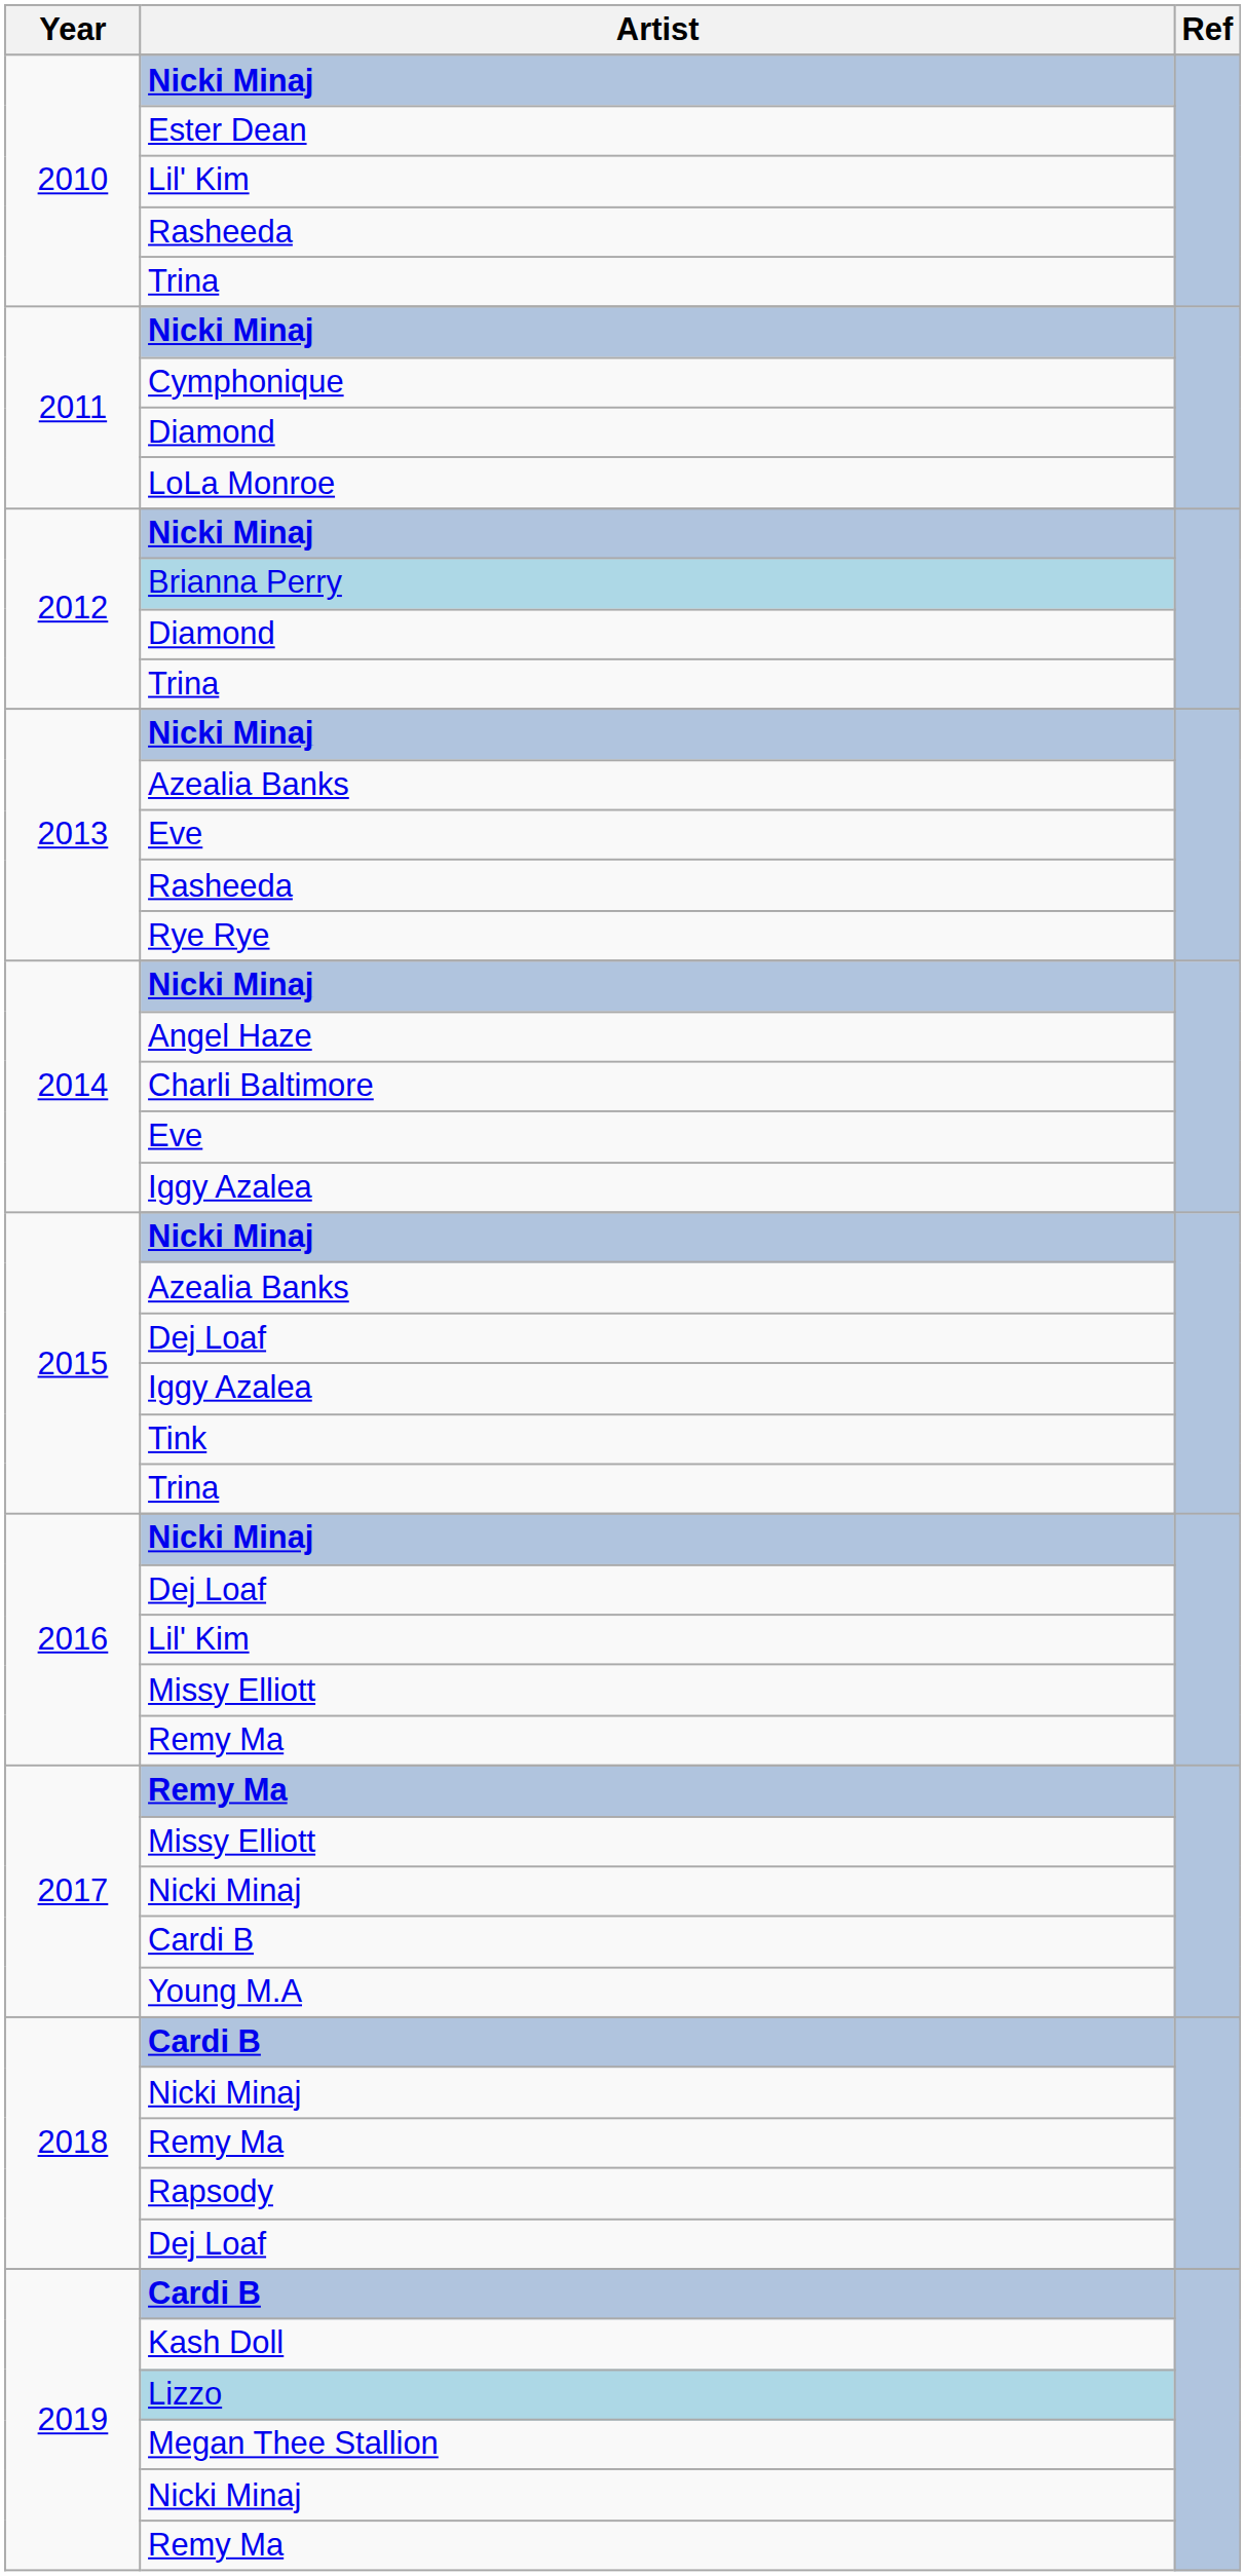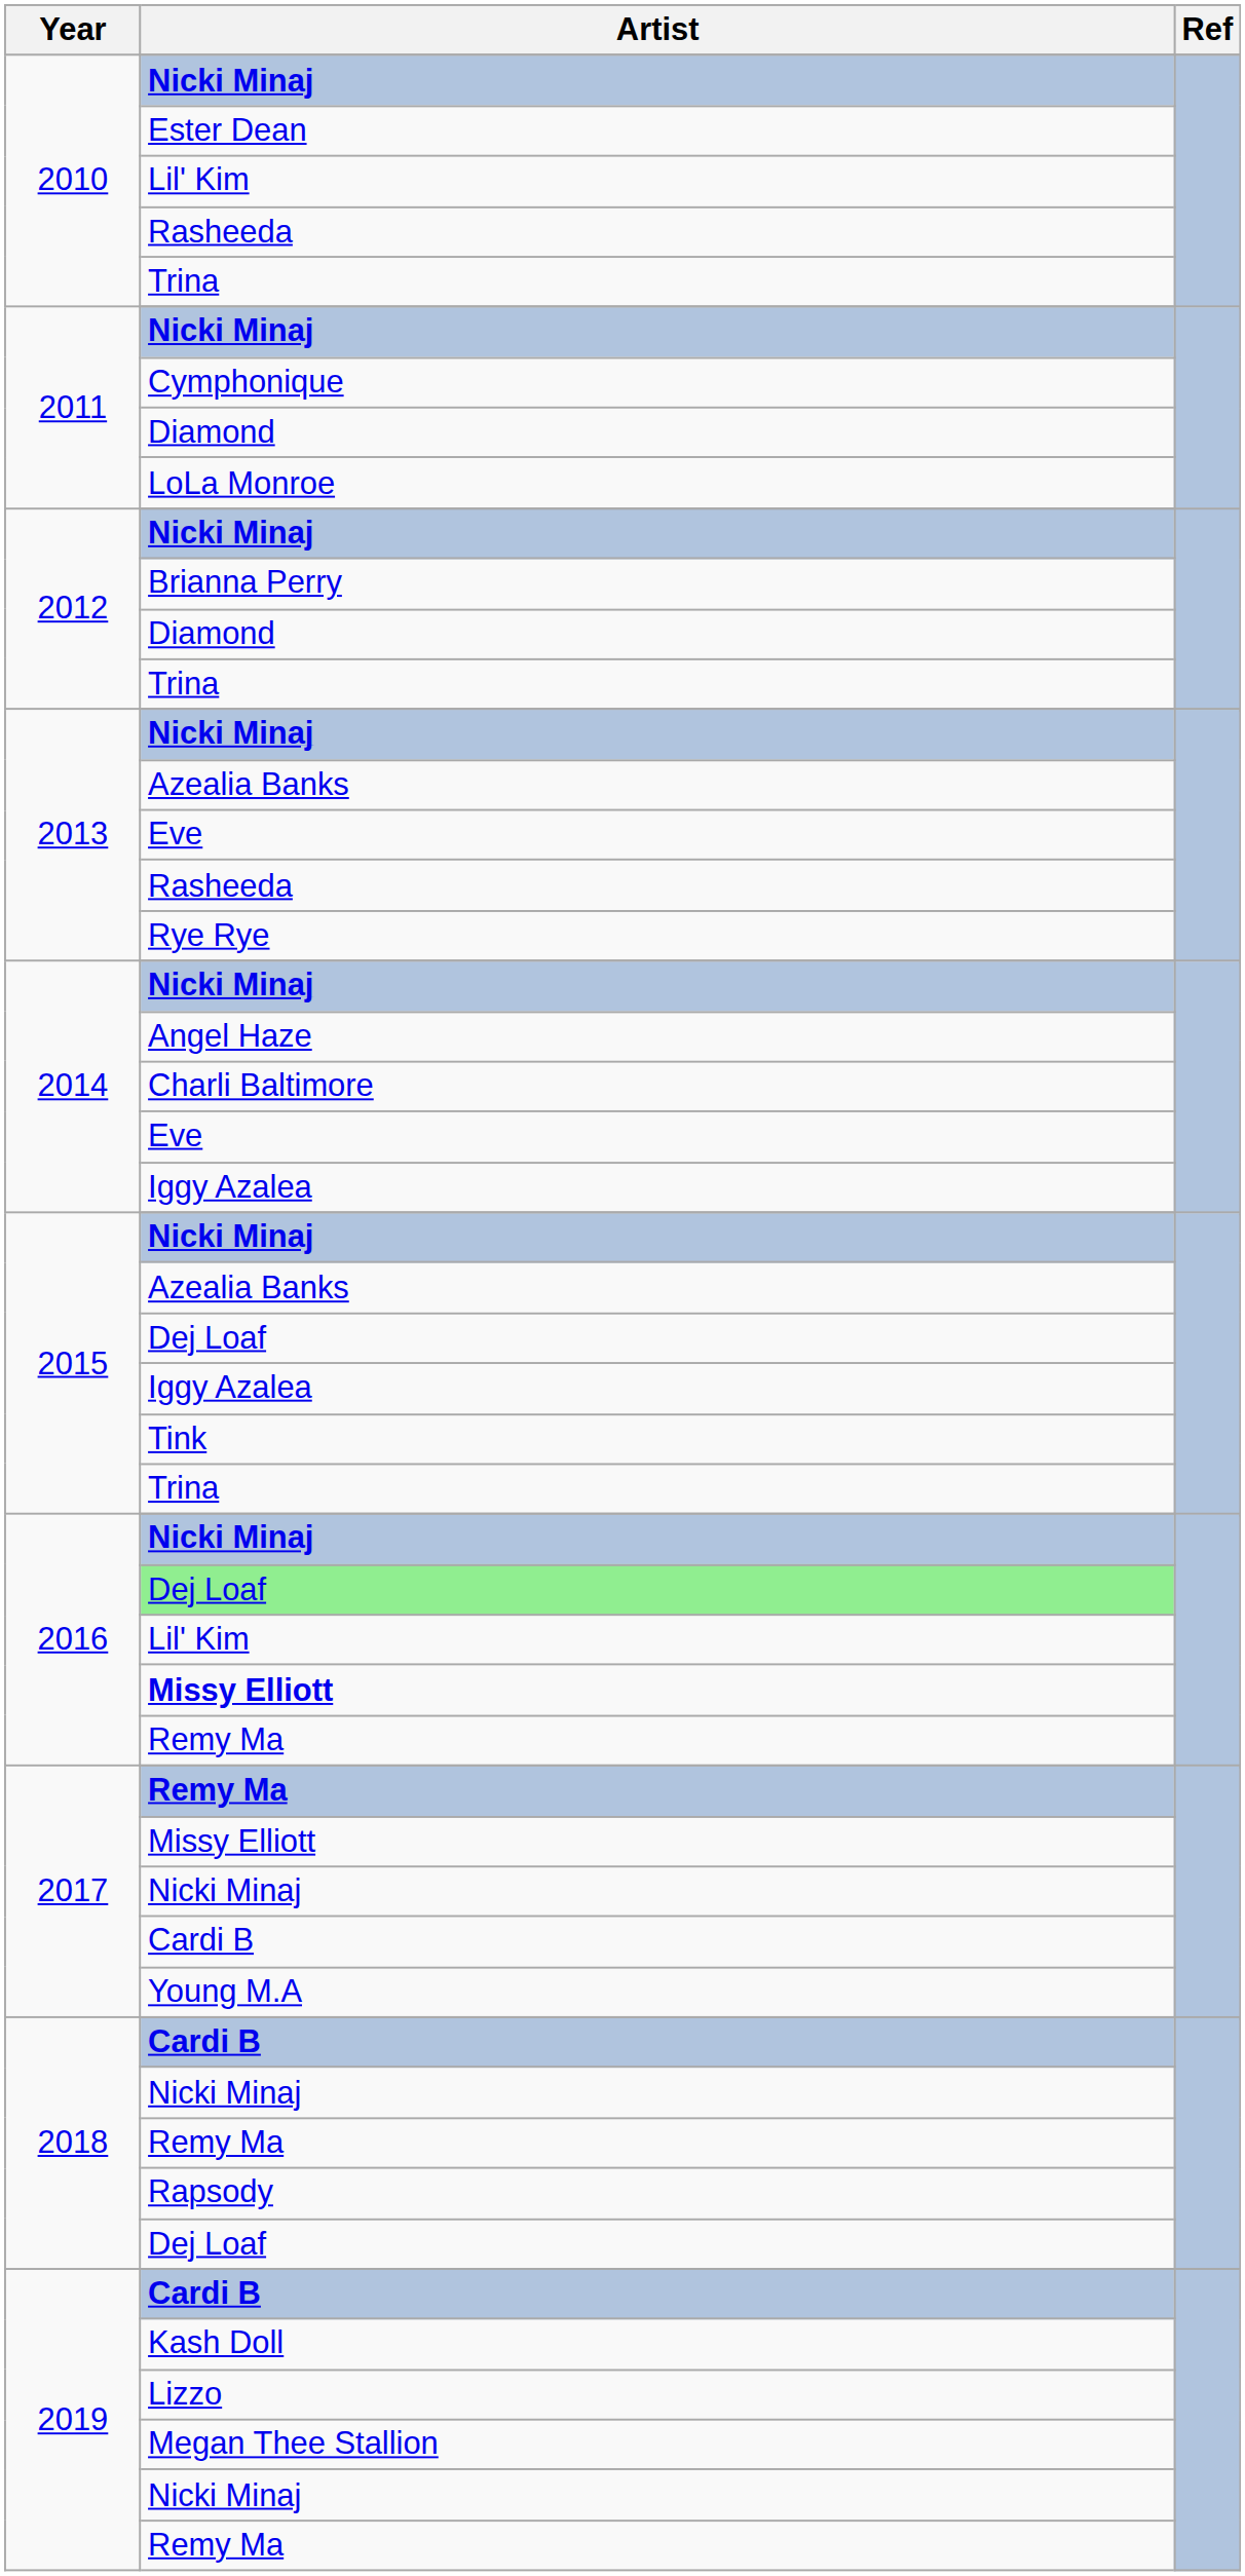 <table class="wikitable" style="width:100%;">
 <tr style="background:#bebebe;">
 <th style="width:11%;">Year</th>
 <th style="width:84%;">Artist</th>
 <th style="width:5%;">Ref</th>
 </tr>
 <tr>
 <td rowspan="6" align="center"><a href='#'>2010</a></td>
 </tr>
 <tr style="background:#B0C4DE">
 <td><strong><a href='#'>Nicki Minaj</a></strong></td>
 <td rowspan="6" align="center"></td>
 </tr>
 <tr>
 <td><a href='#'>Ester Dean</a></td>
 </tr>
 <tr>
 <td><a href='#'>Lil' Kim</a></td>
 </tr>
 <tr>
 <td><a href='#'>Rasheeda</a></td>
 </tr>
 <tr>
 <td><a href='#'>Trina</a></td>
 </tr>
 <tr>
 <td rowspan="5" align="center"><a href='#'>2011</a></td>
 </tr>
 <tr style="background:#B0C4DE">
 <td><strong><a href='#'>Nicki Minaj</a></strong></td>
 <td rowspan="5" align="center"></td>
 </tr>
 <tr>
 <td><a href='#'>Cymphonique</a></td>
 </tr>
 <tr>
 <td><a href='#'>Diamond</a></td>
 </tr>
 <tr>
 <td><a href='#'>LoLa Monroe</a></td>
 </tr>
 <tr>
 <td rowspan="5" align="center"><a href='#'>2012</a></td>
 </tr>
 <tr style="background:#B0C4DE">
 <td><strong><a href='#'>Nicki Minaj</a></strong></td>
 <td rowspan="5" align="center"></td>
 </tr>
 <tr>
-<td style="background: lightblue;"><a href='#'>Brianna Perry</a></td>
+<td><a href='#'>Brianna Perry</a></td>
 </tr>
 <tr>
 <td><a href='#'>Diamond</a></td>
 </tr>
 <tr>
 <td><a href='#'>Trina</a></td>
 </tr>
 <tr>
 <td rowspan="6" align="center"><a href='#'>2013</a></td>
 </tr>
 <tr style="background:#B0C4DE">
 <td><strong><a href='#'>Nicki Minaj</a></strong></td>
 <td rowspan="6" align="center"></td>
 </tr>
 <tr>
 <td><a href='#'>Azealia Banks</a></td>
 </tr>
 <tr>
 <td><a href='#'>Eve</a></td>
 </tr>
 <tr>
 <td><a href='#'>Rasheeda</a></td>
 </tr>
 <tr>
 <td><a href='#'>Rye Rye</a></td>
 </tr>
 <tr>
 <td rowspan="6" align="center"><a href='#'>2014</a></td>
 </tr>
 <tr style="background:#B0C4DE">
 <td><strong><a href='#'>Nicki Minaj</a></strong></td>
 <td rowspan="6" align="center"></td>
 </tr>
 <tr>
 <td><a href='#'>Angel Haze</a></td>
 </tr>
 <tr>
 <td><a href='#'>Charli Baltimore</a></td>
 </tr>
 <tr>
 <td><a href='#'>Eve</a></td>
 </tr>
 <tr>
 <td><a href='#'>Iggy Azalea</a></td>
 </tr>
 <tr>
 <td rowspan="7" align="center"><a href='#'>2015</a></td>
 </tr>
 <tr style="background:#B0C4DE">
 <td><strong><a href='#'>Nicki Minaj</a></strong></td>
 <td rowspan="7" align="center"></td>
 </tr>
 <tr>
 <td><a href='#'>Azealia Banks</a></td>
 </tr>
 <tr>
 <td><a href='#'>Dej Loaf</a></td>
 </tr>
 <tr>
 <td><a href='#'>Iggy Azalea</a></td>
 </tr>
 <tr>
 <td><a href='#'>Tink</a></td>
 </tr>
 <tr>
 <td><a href='#'>Trina</a></td>
 </tr>
 <tr>
 <td rowspan="6" align="center"><a href='#'>2016</a></td>
 </tr>
 <tr style="background:#B0C4DE">
 <td><strong><a href='#'>Nicki Minaj</a></strong></td>
 <td rowspan="6" align="center"></td>
 </tr>
 <tr>
-<td><a href='#'>Dej Loaf</a></td>
+<td style="background: lightgreen;"><a href='#'>Dej Loaf</a></td>
 </tr>
 <tr>
 <td><a href='#'>Lil' Kim</a></td>
 </tr>
 <tr>
-<td><a href='#'>Missy Elliott</a></td>
+<td><strong><a href='#'>Missy Elliott</a></strong></td>
 </tr>
 <tr>
 <td><a href='#'>Remy Ma</a></td>
 </tr>
 <tr>
 <td rowspan="6" align="center"><a href='#'>2017</a></td>
 </tr>
 <tr style="background:#B0C4DE">
 <td><strong><a href='#'>Remy Ma</a></strong></td>
 <td rowspan="6" align="center"></td>
 </tr>
 <tr>
 <td><a href='#'>Missy Elliott</a></td>
 </tr>
 <tr>
 <td><a href='#'>Nicki Minaj</a></td>
 </tr>
 <tr>
 <td><a href='#'>Cardi B</a></td>
 </tr>
 <tr>
 <td><a href='#'>Young M.A</a></td>
 </tr>
 <tr>
 <td rowspan="6" align="center"><a href='#'>2018</a></td>
 </tr>
 <tr style="background:#B0C4DE">
 <td><strong><a href='#'>Cardi B</a></strong></td>
 <td rowspan="5" align="center"></td>
 </tr>
 <tr>
 <td><a href='#'>Nicki Minaj</a></td>
 </tr>
 <tr>
 <td><a href='#'>Remy Ma</a></td>
 </tr>
 <tr>
 <td><a href='#'>Rapsody</a></td>
 </tr>
 <tr>
 <td><a href='#'>Dej Loaf</a></td>
 </tr>
 <tr>
 <td rowspan="7" align="center"><a href='#'>2019</a></td>
 </tr>
 <tr style="background:#B0C4DE">
 <td><strong><a href='#'>Cardi B</a></strong></td>
 <td rowspan="6" align="center"></td>
 </tr>
 <tr>
 <td><a href='#'>Kash Doll</a></td>
 </tr>
 <tr>
-<td style="background: lightblue;"><a href='#'>Lizzo</a></td>
+<td><a href='#'>Lizzo</a></td>
 </tr>
 <tr>
 <td><a href='#'>Megan Thee Stallion</a></td>
 </tr>
 <tr>
 <td><a href='#'>Nicki Minaj</a></td>
 </tr>
 <tr>
 <td><a href='#'>Remy Ma</a></td>
 </tr>
 </table>
